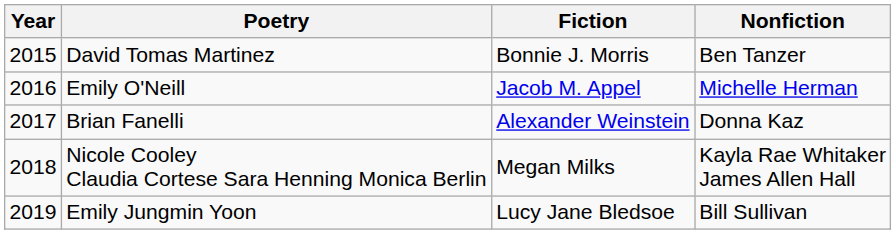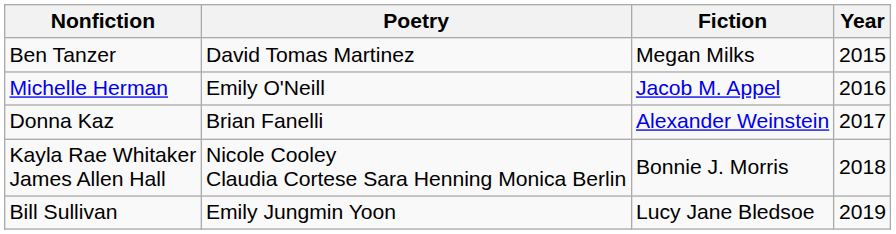 <table class="wikitable">
 <tr>
-<th>Year</th>
+<th>Nonfiction</th>
 <th>Poetry</th>
 <th>Fiction</th>
-<th>Nonfiction</th>
+<th>Year</th>
 </tr>
 <tr>
+<td>Ben Tanzer</td>
+<td>David Tomas Martinez</td>
+<td>Megan Milks</td>
 <td>2015</td>
-<td>David Tomas Martinez</td>
-<td>Bonnie J. Morris</td>
-<td>Ben Tanzer</td>
 </tr>
 <tr>
-<td>2016</td>
+<td><a href='#'>Michelle Herman</a></td>
 <td>Emily O'Neill</td>
 <td><a href='#'>Jacob M. Appel</a></td>
-<td><a href='#'>Michelle Herman</a></td>
+<td>2016</td>
 </tr>
 <tr>
-<td>2017</td>
+<td>Donna Kaz</td>
 <td>Brian Fanelli</td>
 <td><a href='#'>Alexander Weinstein</a></td>
-<td>Donna Kaz</td>
+<td>2017</td>
 </tr>
 <tr>
+<td>Kayla Rae Whitaker<br>James Allen Hall</td>
+<td>Nicole Cooley<br>Claudia Cortese Sara Henning Monica Berlin</td>
+<td>Bonnie J. Morris</td>
 <td>2018</td>
-<td>Nicole Cooley<br>Claudia Cortese Sara Henning Monica Berlin</td>
-<td>Megan Milks</td>
-<td>Kayla Rae Whitaker<br>James Allen Hall</td>
 </tr>
 <tr>
-<td>2019</td>
+<td>Bill Sullivan</td>
 <td>Emily Jungmin Yoon</td>
 <td>Lucy Jane Bledsoe</td>
-<td>Bill Sullivan</td>
+<td>2019</td>
 </tr>
 </table>
